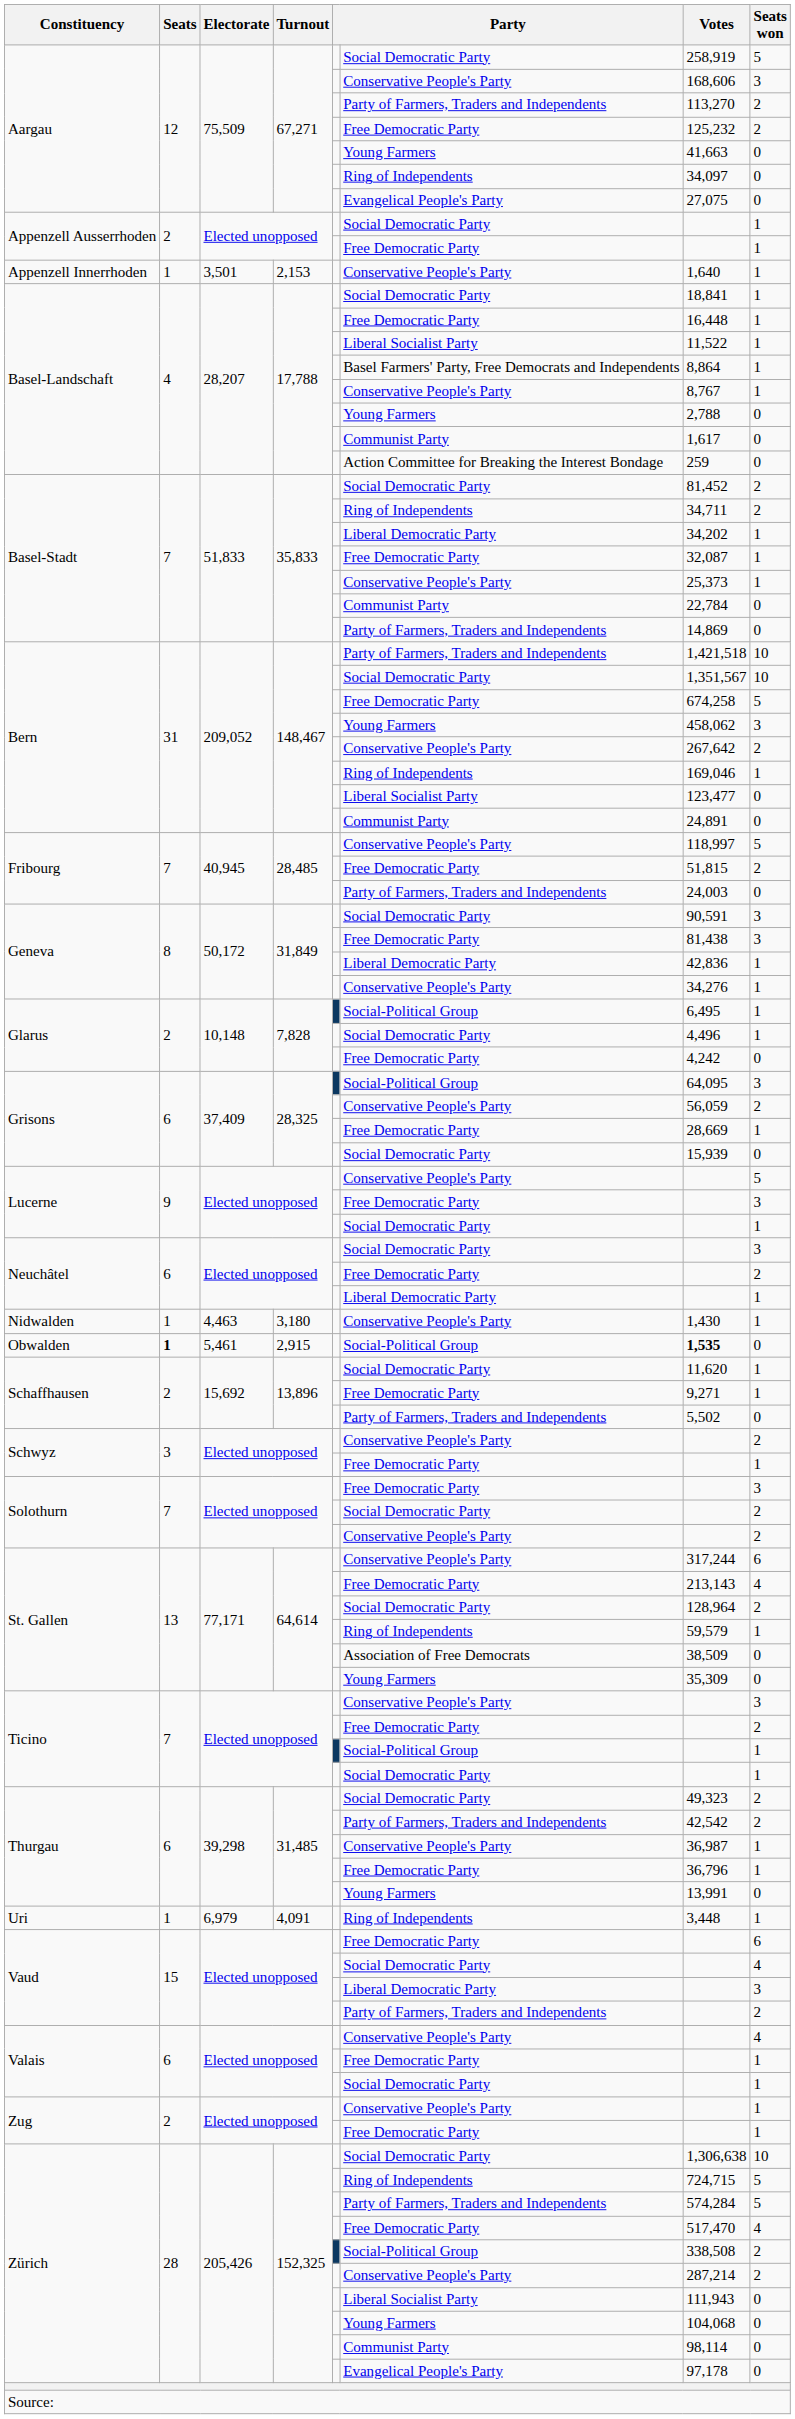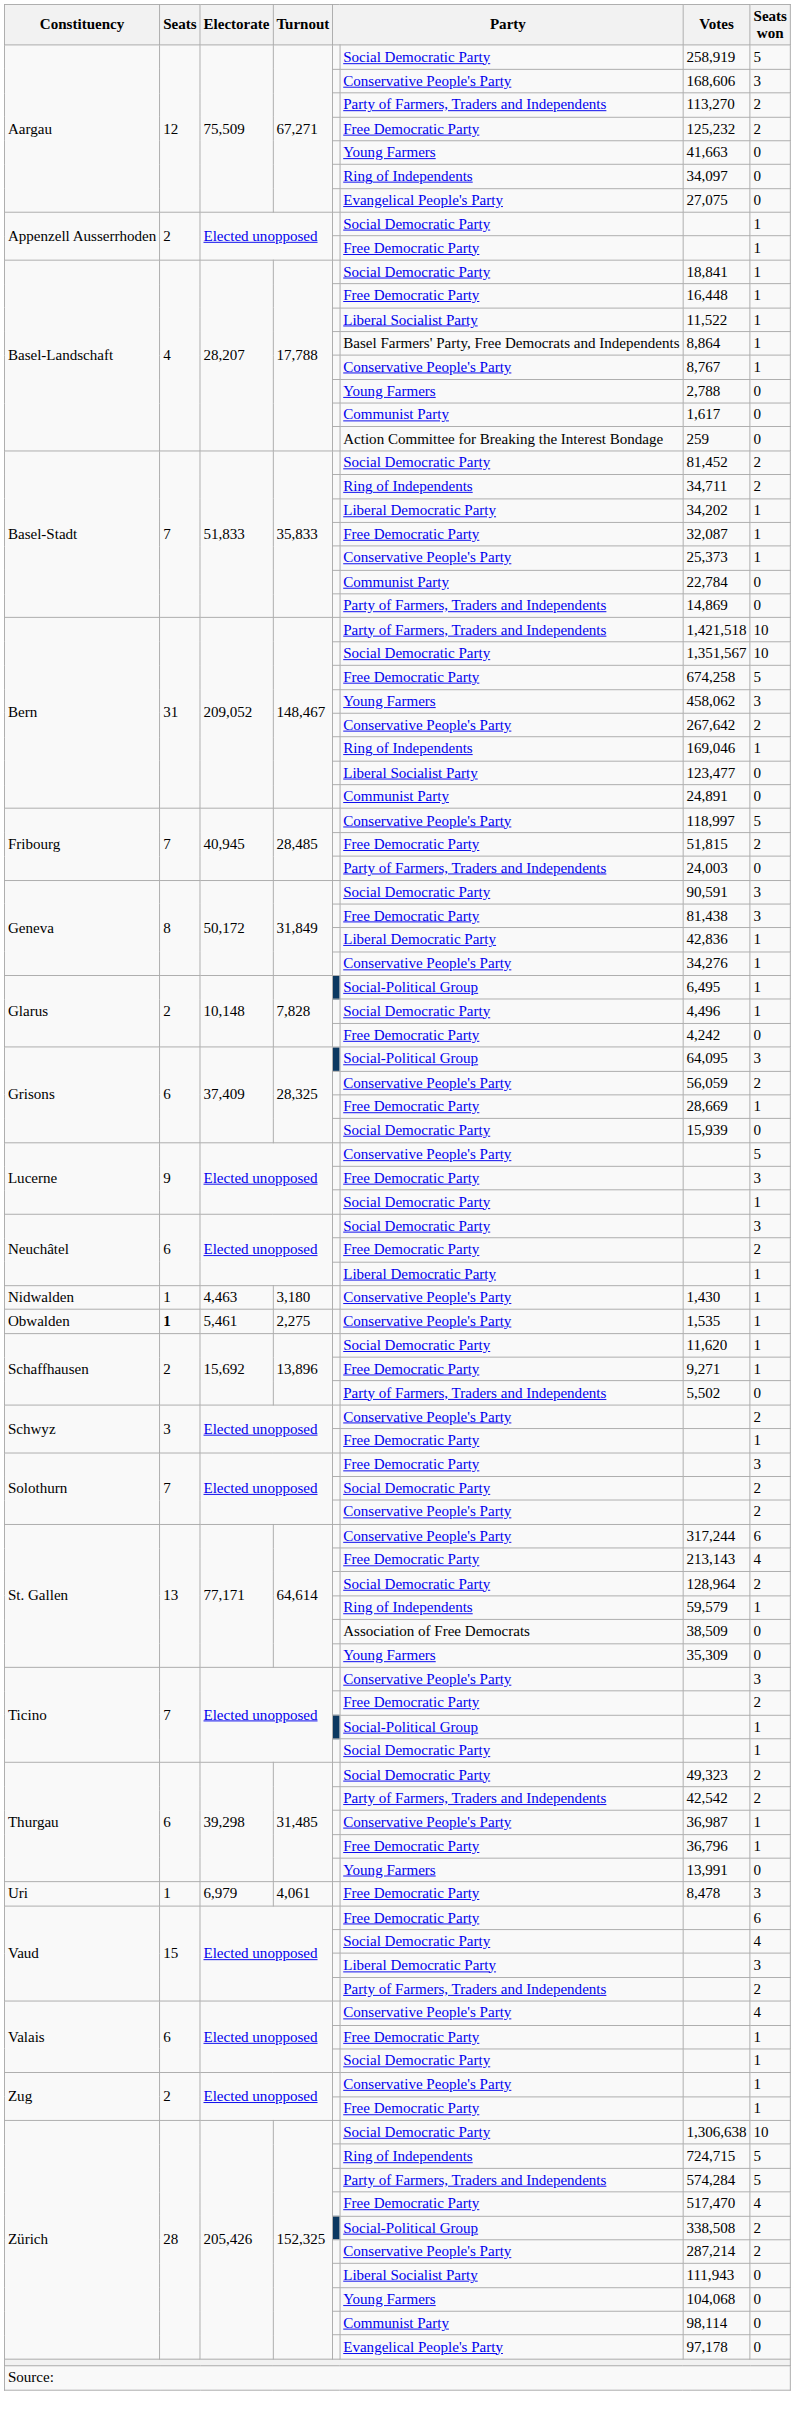 <table class="wikitable">
 <tr>
 <th>Constituency</th>
 <th>Seats</th>
 <th>Electorate</th>
 <th>Turnout</th>
 <th colspan="2">Party</th>
 <th>Votes</th>
 <th>Seats<br>won</th>
 </tr>
 <tr>
 <td rowspan="7">Aargau</td>
 <td rowspan="7">12</td>
 <td rowspan="7">75,509</td>
 <td rowspan="7">67,271</td>
 <td style="color:inherit;background:"></td>
 <td><a href='#'>Social Democratic Party</a></td>
 <td>258,919</td>
 <td>5</td>
 </tr>
 <tr>
 <td style="color:inherit;background:"></td>
 <td><a href='#'>Conservative People's Party</a></td>
 <td>168,606</td>
 <td>3</td>
 </tr>
 <tr>
 <td style="color:inherit;background:"></td>
 <td><a href='#'>Party of Farmers, Traders and Independents</a></td>
 <td>113,270</td>
 <td>2</td>
 </tr>
 <tr>
 <td style="color:inherit;background:"></td>
 <td><a href='#'>Free Democratic Party</a></td>
 <td>125,232</td>
 <td>2</td>
 </tr>
 <tr>
 <td style="color:inherit;background:"></td>
 <td><a href='#'>Young Farmers</a></td>
 <td>41,663</td>
 <td>0</td>
 </tr>
 <tr>
 <td style="color:inherit;background:"></td>
 <td><a href='#'>Ring of Independents</a></td>
 <td>34,097</td>
 <td>0</td>
 </tr>
 <tr>
 <td style="color:inherit;background:"></td>
 <td><a href='#'>Evangelical People's Party</a></td>
 <td>27,075</td>
 <td>0</td>
 </tr>
 <tr>
 <td rowspan="2">Appenzell Ausserrhoden</td>
 <td rowspan="2">2</td>
 <td rowspan="2" colspan=2><a href='#'>Elected unopposed</a></td>
 <td style="color:inherit;background:"></td>
 <td><a href='#'>Social Democratic Party</a></td>
 <td></td>
 <td>1</td>
 </tr>
 <tr>
 <td style="color:inherit;background:"></td>
 <td><a href='#'>Free Democratic Party</a></td>
 <td></td>
-<td>1</td>
-</tr>
-<tr>
-<td>Appenzell Innerrhoden</td>
-<td>1</td>
-<td>3,501</td>
-<td>2,153</td>
-<td style="color:inherit;background:"></td>
-<td><a href='#'>Conservative People's Party</a></td>
-<td>1,640</td>
 <td>1</td>
 </tr>
 <tr>
 <td rowspan="8">Basel-Landschaft</td>
 <td rowspan="8">4</td>
 <td rowspan="8">28,207</td>
 <td rowspan="8">17,788</td>
 <td style="color:inherit;background:"></td>
 <td><a href='#'>Social Democratic Party</a></td>
 <td>18,841</td>
 <td>1</td>
 </tr>
 <tr>
 <td style="color:inherit;background:"></td>
 <td><a href='#'>Free Democratic Party</a></td>
 <td>16,448</td>
 <td>1</td>
 </tr>
 <tr>
 <td style="color:inherit;background:"></td>
 <td><a href='#'>Liberal Socialist Party</a></td>
 <td>11,522</td>
 <td>1</td>
 </tr>
 <tr>
 <td style="color:inherit;background:"></td>
 <td>Basel Farmers' Party, Free Democrats and Independents</td>
 <td>8,864</td>
 <td>1</td>
 </tr>
 <tr>
 <td style="color:inherit;background:"></td>
 <td><a href='#'>Conservative People's Party</a></td>
 <td>8,767</td>
 <td>1</td>
 </tr>
 <tr>
 <td style="color:inherit;background:"></td>
 <td><a href='#'>Young Farmers</a></td>
 <td>2,788</td>
 <td>0</td>
 </tr>
 <tr>
 <td style="color:inherit;background:"></td>
 <td><a href='#'>Communist Party</a></td>
 <td>1,617</td>
 <td>0</td>
 </tr>
 <tr>
 <td style="color:inherit;background:"></td>
 <td>Action Committee for Breaking the Interest Bondage</td>
 <td>259</td>
 <td>0</td>
 </tr>
 <tr>
 <td rowspan="7">Basel-Stadt</td>
 <td rowspan="7">7</td>
 <td rowspan="7">51,833</td>
 <td rowspan="7">35,833</td>
 <td style="color:inherit;background:"></td>
 <td><a href='#'>Social Democratic Party</a></td>
 <td>81,452</td>
 <td>2</td>
 </tr>
 <tr>
 <td style="color:inherit;background:"></td>
 <td><a href='#'>Ring of Independents</a></td>
 <td>34,711</td>
 <td>2</td>
 </tr>
 <tr>
 <td style="color:inherit;background:"></td>
 <td><a href='#'>Liberal Democratic Party</a></td>
 <td>34,202</td>
 <td>1</td>
 </tr>
 <tr>
 <td style="color:inherit;background:"></td>
 <td><a href='#'>Free Democratic Party</a></td>
 <td>32,087</td>
 <td>1</td>
 </tr>
 <tr>
 <td style="color:inherit;background:"></td>
 <td><a href='#'>Conservative People's Party</a></td>
 <td>25,373</td>
 <td>1</td>
 </tr>
 <tr>
 <td style="color:inherit;background:"></td>
 <td><a href='#'>Communist Party</a></td>
 <td>22,784</td>
 <td>0</td>
 </tr>
 <tr>
 <td style="color:inherit;background:"></td>
 <td><a href='#'>Party of Farmers, Traders and Independents</a></td>
 <td>14,869</td>
 <td>0</td>
 </tr>
 <tr>
 <td rowspan="8">Bern</td>
 <td rowspan="8">31</td>
 <td rowspan="8">209,052</td>
 <td rowspan="8">148,467</td>
 <td style="color:inherit;background:"></td>
 <td><a href='#'>Party of Farmers, Traders and Independents</a></td>
 <td>1,421,518</td>
 <td>10</td>
 </tr>
 <tr>
 <td style="color:inherit;background:"></td>
 <td><a href='#'>Social Democratic Party</a></td>
 <td>1,351,567</td>
 <td>10</td>
 </tr>
 <tr>
 <td style="color:inherit;background:"></td>
 <td><a href='#'>Free Democratic Party</a></td>
 <td>674,258</td>
 <td>5</td>
 </tr>
 <tr>
 <td style="color:inherit;background:"></td>
 <td><a href='#'>Young Farmers</a></td>
 <td>458,062</td>
 <td>3</td>
 </tr>
 <tr>
 <td style="color:inherit;background:"></td>
 <td><a href='#'>Conservative People's Party</a></td>
 <td>267,642</td>
 <td>2</td>
 </tr>
 <tr>
 <td style="color:inherit;background:"></td>
 <td><a href='#'>Ring of Independents</a></td>
 <td>169,046</td>
 <td>1</td>
 </tr>
 <tr>
 <td style="color:inherit;background:"></td>
 <td><a href='#'>Liberal Socialist Party</a></td>
 <td>123,477</td>
 <td>0</td>
 </tr>
 <tr>
 <td style="color:inherit;background:"></td>
 <td><a href='#'>Communist Party</a></td>
 <td>24,891</td>
 <td>0</td>
 </tr>
 <tr>
 <td rowspan="3">Fribourg</td>
 <td rowspan="3">7</td>
 <td rowspan="3">40,945</td>
 <td rowspan="3">28,485</td>
 <td style="color:inherit;background:"></td>
 <td><a href='#'>Conservative People's Party</a></td>
 <td>118,997</td>
 <td>5</td>
 </tr>
 <tr>
 <td style="color:inherit;background:"></td>
 <td><a href='#'>Free Democratic Party</a></td>
 <td>51,815</td>
 <td>2</td>
 </tr>
 <tr>
 <td style="color:inherit;background:"></td>
 <td><a href='#'>Party of Farmers, Traders and Independents</a></td>
 <td>24,003</td>
 <td>0</td>
 </tr>
 <tr>
 <td rowspan="4">Geneva</td>
 <td rowspan="4">8</td>
 <td rowspan="4">50,172</td>
 <td rowspan="4">31,849</td>
 <td style="color:inherit;background:"></td>
 <td><a href='#'>Social Democratic Party</a></td>
 <td>90,591</td>
 <td>3</td>
 </tr>
 <tr>
 <td style="color:inherit;background:"></td>
 <td><a href='#'>Free Democratic Party</a></td>
 <td>81,438</td>
 <td>3</td>
 </tr>
 <tr>
 <td style="color:inherit;background:"></td>
 <td><a href='#'>Liberal Democratic Party</a></td>
 <td>42,836</td>
 <td>1</td>
 </tr>
 <tr>
 <td style="color:inherit;background:"></td>
 <td><a href='#'>Conservative People's Party</a></td>
 <td>34,276</td>
 <td>1</td>
 </tr>
 <tr>
 <td rowspan="3">Glarus</td>
 <td rowspan="3">2</td>
 <td rowspan="3">10,148</td>
 <td rowspan="3">7,828</td>
 <td style="color:inherit;background:#0B3861"></td>
 <td><a href='#'>Social-Political Group</a></td>
 <td>6,495</td>
 <td>1</td>
 </tr>
 <tr>
 <td style="color:inherit;background:"></td>
 <td><a href='#'>Social Democratic Party</a></td>
 <td>4,496</td>
 <td>1</td>
 </tr>
 <tr>
 <td style="color:inherit;background:"></td>
 <td><a href='#'>Free Democratic Party</a></td>
 <td>4,242</td>
 <td>0</td>
 </tr>
 <tr>
 <td rowspan="4">Grisons</td>
 <td rowspan="4">6</td>
 <td rowspan="4">37,409</td>
 <td rowspan="4">28,325</td>
 <td style="color:inherit;background:#0B3861"></td>
 <td><a href='#'>Social-Political Group</a></td>
 <td>64,095</td>
 <td>3</td>
 </tr>
 <tr>
 <td style="color:inherit;background:"></td>
 <td><a href='#'>Conservative People's Party</a></td>
 <td>56,059</td>
 <td>2</td>
 </tr>
 <tr>
 <td style="color:inherit;background:"></td>
 <td><a href='#'>Free Democratic Party</a></td>
 <td>28,669</td>
 <td>1</td>
 </tr>
 <tr>
 <td style="color:inherit;background:"></td>
 <td><a href='#'>Social Democratic Party</a></td>
 <td>15,939</td>
 <td>0</td>
 </tr>
 <tr>
 <td rowspan="3">Lucerne</td>
 <td rowspan="3">9</td>
 <td rowspan="3" colspan=2><a href='#'>Elected unopposed</a></td>
 <td style="color:inherit;background:"></td>
 <td><a href='#'>Conservative People's Party</a></td>
 <td></td>
 <td>5</td>
 </tr>
 <tr>
 <td style="color:inherit;background:"></td>
 <td><a href='#'>Free Democratic Party</a></td>
 <td></td>
 <td>3</td>
 </tr>
 <tr>
 <td style="color:inherit;background:"></td>
 <td><a href='#'>Social Democratic Party</a></td>
 <td></td>
 <td>1</td>
 </tr>
 <tr>
 <td rowspan="3">Neuchâtel</td>
 <td rowspan="3">6</td>
 <td rowspan="3" colspan=2><a href='#'>Elected unopposed</a></td>
 <td style="color:inherit;background:"></td>
 <td><a href='#'>Social Democratic Party</a></td>
 <td></td>
 <td>3</td>
 </tr>
 <tr>
 <td style="color:inherit;background:"></td>
 <td><a href='#'>Free Democratic Party</a></td>
 <td></td>
 <td>2</td>
 </tr>
 <tr>
 <td style="color:inherit;background:"></td>
 <td><a href='#'>Liberal Democratic Party</a></td>
 <td></td>
 <td>1</td>
 </tr>
 <tr>
 <td>Nidwalden</td>
 <td>1</td>
 <td>4,463</td>
 <td>3,180</td>
 <td style="color:inherit;background:"></td>
 <td><a href='#'>Conservative People's Party</a></td>
 <td>1,430</td>
 <td>1</td>
 </tr>
 <tr>
 <td>Obwalden</td>
 <td><strong>1</strong></td>
 <td>5,461</td>
-<td>2,915</td>
+<td>2,275</td>
 <td style="color:inherit;background:"></td>
-<td><a href='#'>Social-Political Group</a></td>
-<td><strong>1,535</strong></td>
-<td>0</td>
+<td><a href='#'>Conservative People's Party</a></td>
+<td>1,535</td>
+<td>1</td>
 </tr>
 <tr>
 <td rowspan="3">Schaffhausen</td>
 <td rowspan="3">2</td>
 <td rowspan="3">15,692</td>
 <td rowspan="3">13,896</td>
 <td style="color:inherit;background:"></td>
 <td><a href='#'>Social Democratic Party</a></td>
 <td>11,620</td>
 <td>1</td>
 </tr>
 <tr>
 <td style="color:inherit;background:"></td>
 <td><a href='#'>Free Democratic Party</a></td>
 <td>9,271</td>
 <td>1</td>
 </tr>
 <tr>
 <td style="color:inherit;background:"></td>
 <td><a href='#'>Party of Farmers, Traders and Independents</a></td>
 <td>5,502</td>
 <td>0</td>
 </tr>
 <tr>
 <td rowspan="2">Schwyz</td>
 <td rowspan="2">3</td>
 <td rowspan="2" colspan=2><a href='#'>Elected unopposed</a></td>
 <td style="color:inherit;background:"></td>
 <td><a href='#'>Conservative People's Party</a></td>
 <td></td>
 <td>2</td>
 </tr>
 <tr>
 <td style="color:inherit;background:"></td>
 <td><a href='#'>Free Democratic Party</a></td>
 <td></td>
 <td>1</td>
 </tr>
 <tr>
 <td rowspan="3">Solothurn</td>
 <td rowspan="3">7</td>
 <td rowspan="3" colspan=2><a href='#'>Elected unopposed</a></td>
 <td style="color:inherit;background:"></td>
 <td><a href='#'>Free Democratic Party</a></td>
 <td></td>
 <td>3</td>
 </tr>
 <tr>
 <td style="color:inherit;background:"></td>
 <td><a href='#'>Social Democratic Party</a></td>
 <td></td>
 <td>2</td>
 </tr>
 <tr>
 <td style="color:inherit;background:"></td>
 <td><a href='#'>Conservative People's Party</a></td>
 <td></td>
 <td>2</td>
 </tr>
 <tr>
 <td rowspan="6">St. Gallen</td>
 <td rowspan="6">13</td>
 <td rowspan="6">77,171</td>
 <td rowspan="6">64,614</td>
 <td style="color:inherit;background:"></td>
 <td><a href='#'>Conservative People's Party</a></td>
 <td>317,244</td>
 <td>6</td>
 </tr>
 <tr>
 <td style="color:inherit;background:"></td>
 <td><a href='#'>Free Democratic Party</a></td>
 <td>213,143</td>
 <td>4</td>
 </tr>
 <tr>
 <td style="color:inherit;background:"></td>
 <td><a href='#'>Social Democratic Party</a></td>
 <td>128,964</td>
 <td>2</td>
 </tr>
 <tr>
 <td style="color:inherit;background:"></td>
 <td><a href='#'>Ring of Independents</a></td>
 <td>59,579</td>
 <td>1</td>
 </tr>
 <tr>
 <td style="color:inherit;background:"></td>
 <td>Association of Free Democrats</td>
 <td>38,509</td>
 <td>0</td>
 </tr>
 <tr>
 <td style="color:inherit;background:"></td>
 <td><a href='#'>Young Farmers</a></td>
 <td>35,309</td>
 <td>0</td>
 </tr>
 <tr>
 <td rowspan="4">Ticino</td>
 <td rowspan="4">7</td>
 <td rowspan="4" colspan=2><a href='#'>Elected unopposed</a></td>
 <td style="color:inherit;background:"></td>
 <td><a href='#'>Conservative People's Party</a></td>
 <td></td>
 <td>3</td>
 </tr>
 <tr>
 <td style="color:inherit;background:"></td>
 <td><a href='#'>Free Democratic Party</a></td>
 <td></td>
 <td>2</td>
 </tr>
 <tr>
 <td style="color:inherit;background:#0B3861"></td>
 <td><a href='#'>Social-Political Group</a></td>
 <td></td>
 <td>1</td>
 </tr>
 <tr>
 <td style="color:inherit;background:"></td>
 <td><a href='#'>Social Democratic Party</a></td>
 <td></td>
 <td>1</td>
 </tr>
 <tr>
 <td rowspan="5">Thurgau</td>
 <td rowspan="5">6</td>
 <td rowspan="5">39,298</td>
 <td rowspan="5">31,485</td>
 <td style="color:inherit;background:"></td>
 <td><a href='#'>Social Democratic Party</a></td>
 <td>49,323</td>
 <td>2</td>
 </tr>
 <tr>
 <td style="color:inherit;background:"></td>
 <td><a href='#'>Party of Farmers, Traders and Independents</a></td>
 <td>42,542</td>
 <td>2</td>
 </tr>
 <tr>
 <td style="color:inherit;background:"></td>
 <td><a href='#'>Conservative People's Party</a></td>
 <td>36,987</td>
 <td>1</td>
 </tr>
 <tr>
 <td style="color:inherit;background:"></td>
 <td><a href='#'>Free Democratic Party</a></td>
 <td>36,796</td>
 <td>1</td>
 </tr>
 <tr>
 <td style="color:inherit;background:"></td>
 <td><a href='#'>Young Farmers</a></td>
 <td>13,991</td>
 <td>0</td>
 </tr>
 <tr>
 <td>Uri</td>
 <td>1</td>
 <td>6,979</td>
-<td>4,091</td>
+<td>4,061</td>
 <td style="color:inherit;background:"></td>
-<td><a href='#'>Ring of Independents</a></td>
-<td>3,448</td>
-<td>1</td>
+<td><a href='#'>Free Democratic Party</a></td>
+<td>8,478</td>
+<td>3</td>
 </tr>
 <tr>
 <td rowspan="4">Vaud</td>
 <td rowspan="4">15</td>
 <td rowspan="4" colspan=2><a href='#'>Elected unopposed</a></td>
 <td style="color:inherit;background:"></td>
 <td><a href='#'>Free Democratic Party</a></td>
 <td></td>
 <td>6</td>
 </tr>
 <tr>
 <td style="color:inherit;background:"></td>
 <td><a href='#'>Social Democratic Party</a></td>
 <td></td>
 <td>4</td>
 </tr>
 <tr>
 <td style="color:inherit;background:"></td>
 <td><a href='#'>Liberal Democratic Party</a></td>
 <td></td>
 <td>3</td>
 </tr>
 <tr>
 <td style="color:inherit;background:"></td>
 <td><a href='#'>Party of Farmers, Traders and Independents</a></td>
 <td></td>
 <td>2</td>
 </tr>
 <tr>
 <td rowspan="3">Valais</td>
 <td rowspan="3">6</td>
 <td rowspan="3" colspan=2><a href='#'>Elected unopposed</a></td>
 <td style="color:inherit;background:"></td>
 <td><a href='#'>Conservative People's Party</a></td>
 <td></td>
 <td>4</td>
 </tr>
 <tr>
 <td style="color:inherit;background:"></td>
 <td><a href='#'>Free Democratic Party</a></td>
 <td></td>
 <td>1</td>
 </tr>
 <tr>
 <td style="color:inherit;background:"></td>
 <td><a href='#'>Social Democratic Party</a></td>
 <td></td>
 <td>1</td>
 </tr>
 <tr>
 <td rowspan="2">Zug</td>
 <td rowspan="2">2</td>
 <td rowspan="2" colspan=2><a href='#'>Elected unopposed</a></td>
 <td style="color:inherit;background:"></td>
 <td><a href='#'>Conservative People's Party</a></td>
 <td></td>
 <td>1</td>
 </tr>
 <tr>
 <td style="color:inherit;background:"></td>
 <td><a href='#'>Free Democratic Party</a></td>
 <td></td>
 <td>1</td>
 </tr>
 <tr>
 <td rowspan="10">Zürich</td>
 <td rowspan="10">28</td>
 <td rowspan="10">205,426</td>
 <td rowspan="10">152,325</td>
 <td style="color:inherit;background:"></td>
 <td><a href='#'>Social Democratic Party</a></td>
 <td>1,306,638</td>
 <td>10</td>
 </tr>
 <tr>
 <td style="color:inherit;background:"></td>
 <td><a href='#'>Ring of Independents</a></td>
 <td>724,715</td>
 <td>5</td>
 </tr>
 <tr>
 <td style="color:inherit;background:"></td>
 <td><a href='#'>Party of Farmers, Traders and Independents</a></td>
 <td>574,284</td>
 <td>5</td>
 </tr>
 <tr>
 <td style="color:inherit;background:"></td>
 <td><a href='#'>Free Democratic Party</a></td>
 <td>517,470</td>
 <td>4</td>
 </tr>
 <tr>
 <td style="color:inherit;background:#0B3861"></td>
 <td><a href='#'>Social-Political Group</a></td>
 <td>338,508</td>
 <td>2</td>
 </tr>
 <tr>
 <td style="color:inherit;background:"></td>
 <td><a href='#'>Conservative People's Party</a></td>
 <td>287,214</td>
 <td>2</td>
 </tr>
 <tr>
 <td style="color:inherit;background:"></td>
 <td><a href='#'>Liberal Socialist Party</a></td>
 <td>111,943</td>
 <td>0</td>
 </tr>
 <tr>
 <td style="color:inherit;background:"></td>
 <td><a href='#'>Young Farmers</a></td>
 <td>104,068</td>
 <td>0</td>
 </tr>
 <tr>
 <td style="color:inherit;background:"></td>
 <td><a href='#'>Communist Party</a></td>
 <td>98,114</td>
 <td>0</td>
 </tr>
 <tr>
 <td style="color:inherit;background:"></td>
 <td><a href='#'>Evangelical People's Party</a></td>
 <td>97,178</td>
 <td>0</td>
 </tr>
 <tr>
 <th colspan="8"></th>
 </tr>
 <tr>
 <td colspan="8">Source: </td>
 </tr>
 </table>
